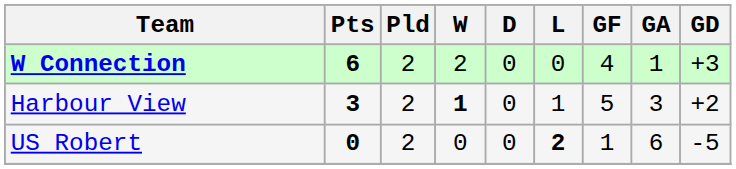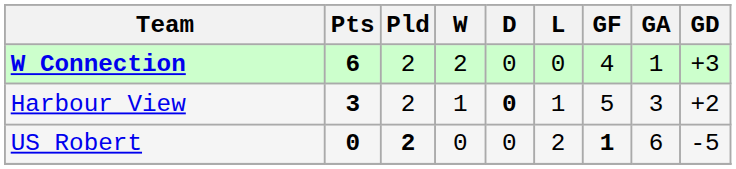 <table class="wikitable" style="text-align:center;">
 <tr>
 <th width=165>Team</th>
 <th width=20>Pts</th>
 <th width=20>Pld</th>
 <th width=20>W</th>
 <th width=20>D</th>
 <th width=20>L</th>
 <th width=20>GF</th>
 <th width=20>GA</th>
 <th width=20>GD</th>
 </tr>
 <tr align=center style="background:#ccffcc;">
 <td style="text-align:left;"> <strong><a href='#'>W Connection</a></strong></td>
 <td><strong>6</strong></td>
 <td>2</td>
 <td>2</td>
 <td>0</td>
 <td>0</td>
 <td>4</td>
 <td>1</td>
 <td>+3</td>
 </tr>
 <tr align=center style="background:#f5f5f5;">
 <td style="text-align:left;"> <a href='#'>Harbour View</a></td>
 <td><strong>3</strong></td>
 <td>2</td>
-<td><strong>1</strong></td>
-<td>0</td>
+<td>1</td>
+<td><strong>0</strong></td>
 <td>1</td>
 <td>5</td>
 <td>3</td>
 <td>+2</td>
 </tr>
 <tr align=center style="background:#f5f5f5;">
 <td style="text-align:left;"> <a href='#'>US Robert</a></td>
 <td><strong>0</strong></td>
-<td>2</td>
+<td><strong>2</strong></td>
 <td>0</td>
 <td>0</td>
-<td><strong>2</strong></td>
-<td>1</td>
+<td>2</td>
+<td><strong>1</strong></td>
 <td>6</td>
 <td>-5</td>
 </tr>
 <tr align=center style="background:#f5f5f5;">
 </tr>
 </table>
